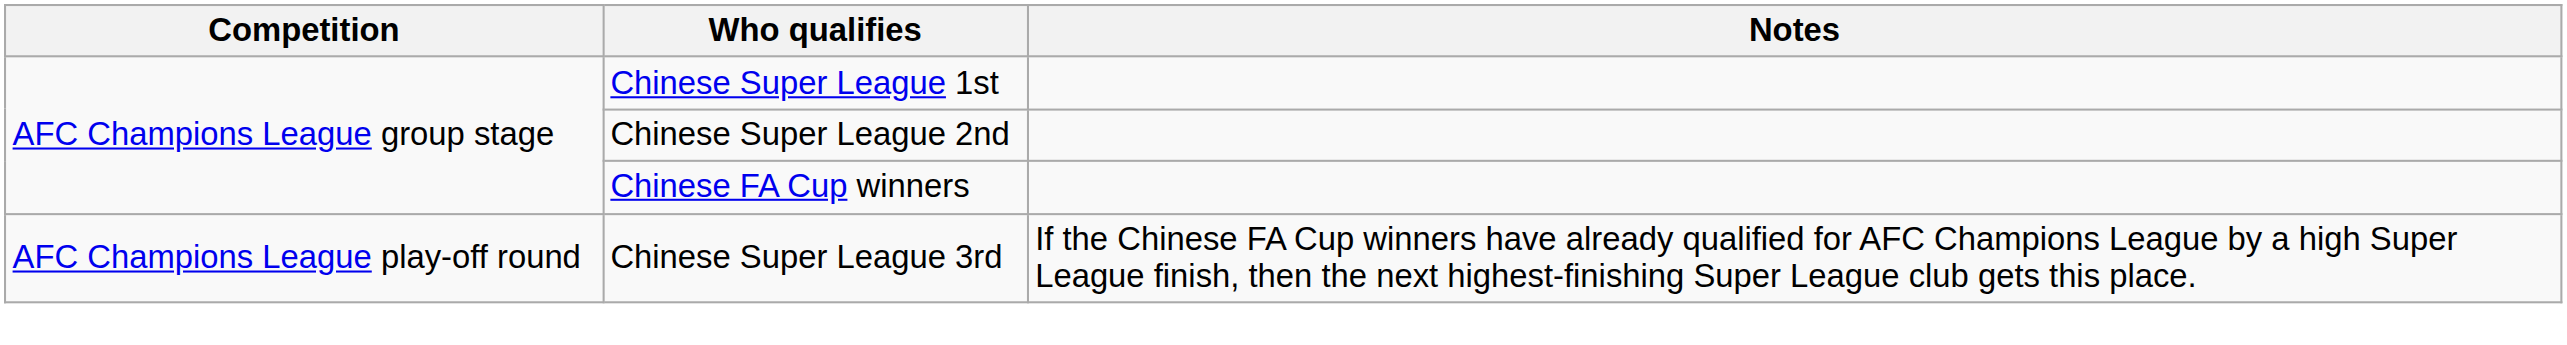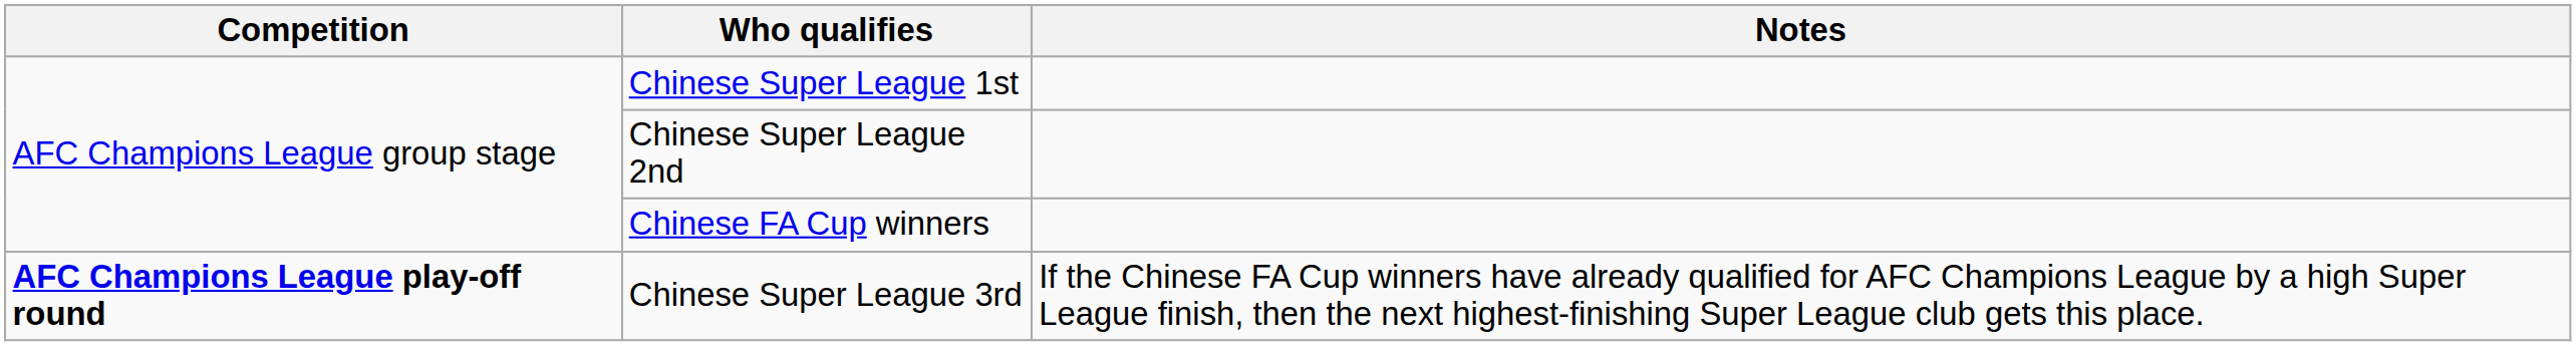 <table class="wikitable">
 <tr>
 <th>Competition</th>
 <th>Who qualifies</th>
 <th>Notes</th>
 </tr>
 <tr>
 <td rowspan="3"><a href='#'>AFC Champions League</a> group stage</td>
 <td><a href='#'>Chinese Super League</a> 1st</td>
 <td></td>
 </tr>
 <tr>
 <td>Chinese Super League 2nd</td>
 <td></td>
 </tr>
 <tr>
 <td><a href='#'>Chinese FA Cup</a> winners</td>
 <td></td>
 </tr>
 <tr>
-<td><a href='#'>AFC Champions League</a> play-off round</td>
+<td><strong><a href='#'>AFC Champions League</a> play-off round</strong></td>
 <td>Chinese Super League 3rd</td>
 <td width=60%>If the Chinese FA Cup winners have already qualified for AFC Champions League by a high Super League finish, then the next highest-finishing Super League club gets this place.</td>
 </tr>
 </table>
